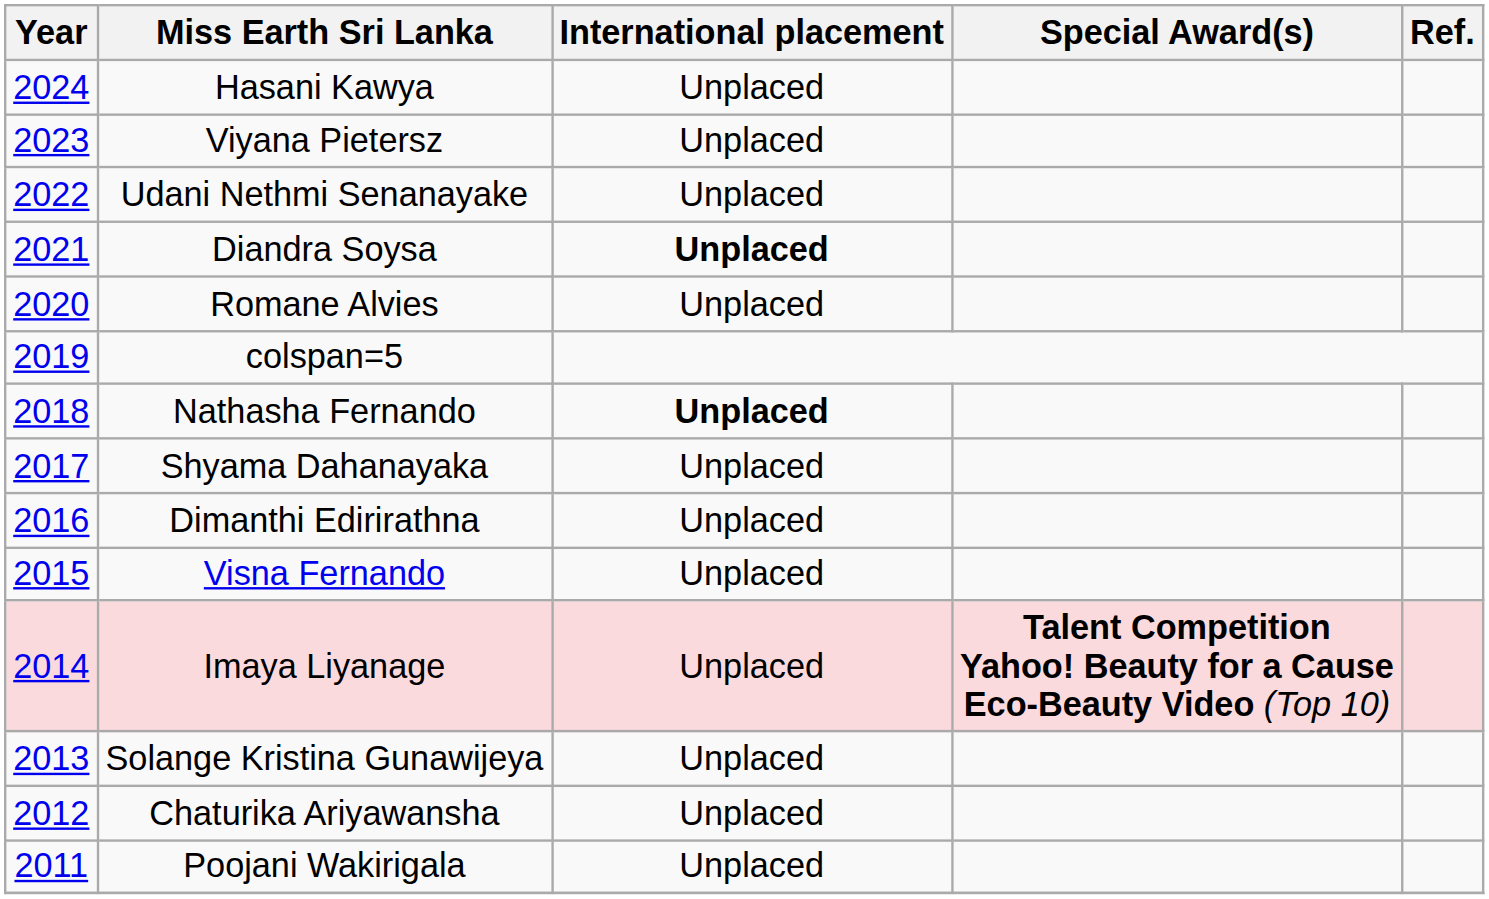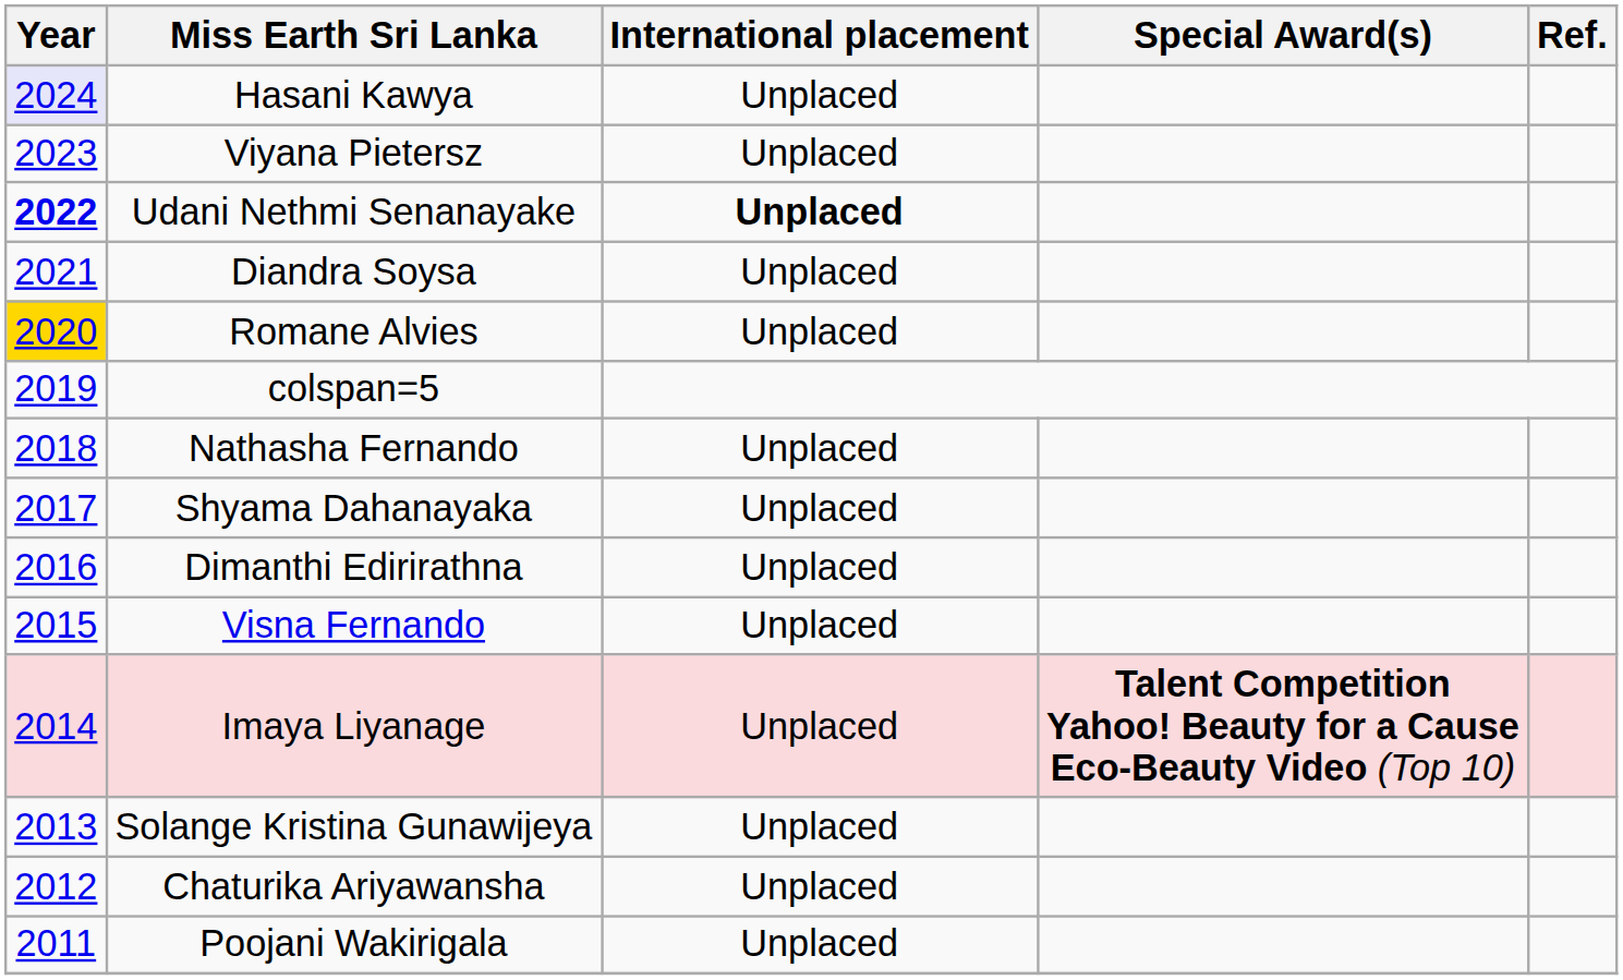 <table class="wikitable sortable" style="font-size: 90%; text-align:center">
 <tr>
 <th>Year</th>
 <th>Miss Earth Sri Lanka</th>
 <th>International placement</th>
 <th>Special Award(s)</th>
 <th>Ref.</th>
 </tr>
 <tr>
-<td><a href='#'>2024</a></td>
+<td style="background: lavender;"><a href='#'>2024</a></td>
 <td>Hasani Kawya</td>
 <td>Unplaced</td>
 <td></td>
 <td></td>
 </tr>
 <tr>
 <td><a href='#'>2023</a></td>
 <td>Viyana Pietersz</td>
 <td>Unplaced</td>
 <td></td>
 <td></td>
 </tr>
 <tr>
-<td><a href='#'>2022</a></td>
+<td><strong><a href='#'>2022</a></strong></td>
 <td>Udani Nethmi Senanayake</td>
-<td>Unplaced</td>
+<td><strong>Unplaced</strong></td>
 <td></td>
 <td></td>
 </tr>
 <tr>
 <td><a href='#'>2021</a></td>
 <td>Diandra Soysa</td>
-<td><strong>Unplaced</strong></td>
+<td>Unplaced</td>
 <td></td>
 <td></td>
 </tr>
 <tr>
-<td><a href='#'>2020</a></td>
+<td style="background: gold;"><a href='#'>2020</a></td>
 <td>Romane Alvies</td>
 <td>Unplaced</td>
 <td></td>
 <td></td>
 </tr>
 <tr>
 <td><a href='#'>2019</a></td>
 <td>colspan=5 </td>
 </tr>
 <tr>
 <td><a href='#'>2018</a></td>
 <td>Nathasha Fernando</td>
-<td><strong>Unplaced</strong></td>
+<td>Unplaced</td>
 <td></td>
 <td></td>
 </tr>
 <tr>
 <td><a href='#'>2017</a></td>
 <td>Shyama Dahanayaka</td>
 <td>Unplaced</td>
 <td></td>
 <td></td>
 </tr>
 <tr>
 <td><a href='#'>2016</a></td>
 <td>Dimanthi Edirirathna</td>
 <td>Unplaced</td>
 <td></td>
 <td></td>
 </tr>
 <tr>
 <td><a href='#'>2015</a></td>
 <td><a href='#'>Visna Fernando</a></td>
 <td>Unplaced</td>
 <td></td>
 <td></td>
 </tr>
 <tr style="background-color:#FADADD;: bold">
 <td><a href='#'>2014</a></td>
 <td>Imaya Liyanage</td>
 <td>Unplaced</td>
 <td> <strong> Talent Competition</strong><br><strong></strong> <strong>Yahoo! Beauty for a Cause</strong><br><strong>Eco-Beauty Video</strong> <em>(Top 10)</em></td>
 <td></td>
 </tr>
 <tr>
 <td><a href='#'>2013</a></td>
 <td>Solange Kristina Gunawijeya</td>
 <td>Unplaced</td>
 <td></td>
 <td></td>
 </tr>
 <tr>
 <td><a href='#'>2012</a></td>
 <td>Chaturika Ariyawansha</td>
 <td>Unplaced</td>
 <td></td>
 <td></td>
 </tr>
 <tr>
 <td><a href='#'>2011</a></td>
 <td>Poojani Wakirigala</td>
 <td>Unplaced</td>
 <td></td>
 <td></td>
 </tr>
 <tr>
 </tr>
 </table>
